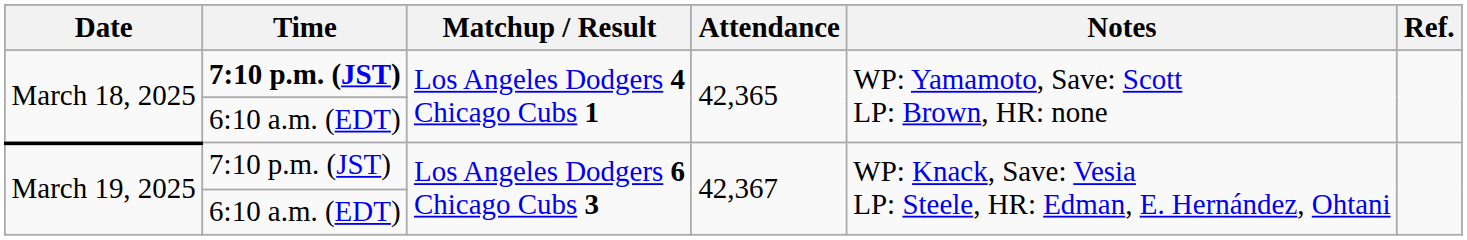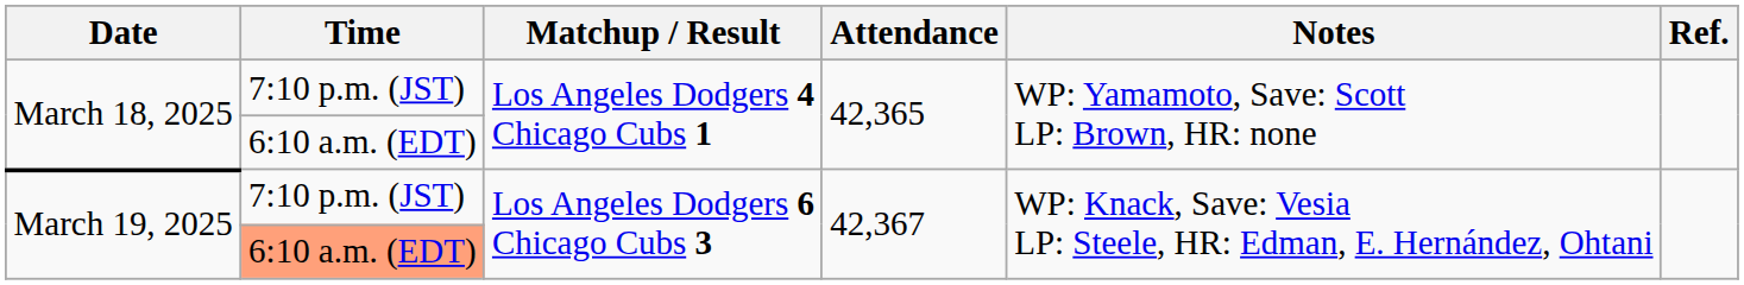 <table class="wikitable">
 <tr>
 <th>Date</th>
 <th>Time</th>
 <th>Matchup / Result</th>
 <th>Attendance</th>
 <th>Notes</th>
 <th>Ref.</th>
 </tr>
 <tr>
 <td rowspan="2" style="border-bottom:2px solid black">March 18, 2025</td>
-<td><strong>7:10 p.m. (<a href='#'>JST</a>)</strong></td>
+<td>7:10 p.m. (<a href='#'>JST</a>)</td>
 <td rowspan="2"><a href='#'>Los Angeles Dodgers</a> <strong>4</strong><br><a href='#'>Chicago Cubs</a> <strong>1</strong></td>
 <td rowspan=2>42,365</td>
 <td rowspan=2>WP: <a href='#'>Yamamoto</a>, Save: <a href='#'>Scott</a><br>LP: <a href='#'>Brown</a>, HR: none</td>
 <td rowspan="2"></td>
 </tr>
 <tr>
 <td>6:10 a.m. (<a href='#'>EDT</a>)</td>
 </tr>
 <tr>
 <td rowspan="2">March 19, 2025</td>
 <td>7:10 p.m. (<a href='#'>JST</a>)</td>
 <td rowspan="2"><a href='#'>Los Angeles Dodgers</a> <strong>6</strong><br><a href='#'>Chicago Cubs</a> <strong>3</strong></td>
 <td rowspan=2>42,367</td>
 <td rowspan=2>WP: <a href='#'>Knack</a>, Save: <a href='#'>Vesia</a><br>LP: <a href='#'>Steele</a>, HR: <a href='#'>Edman</a>, <a href='#'>E. Hernández</a>, <a href='#'>Ohtani</a></td>
 <td rowspan="2"></td>
 </tr>
 <tr>
-<td>6:10 a.m. (<a href='#'>EDT</a>)</td>
+<td style="background: lightsalmon;">6:10 a.m. (<a href='#'>EDT</a>)</td>
 </tr>
 </table>
